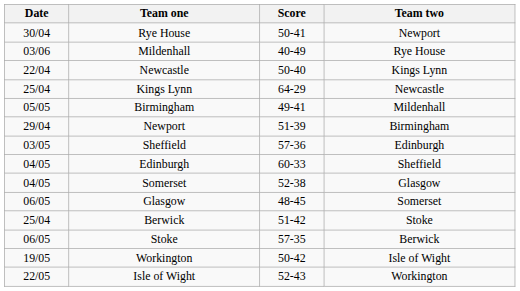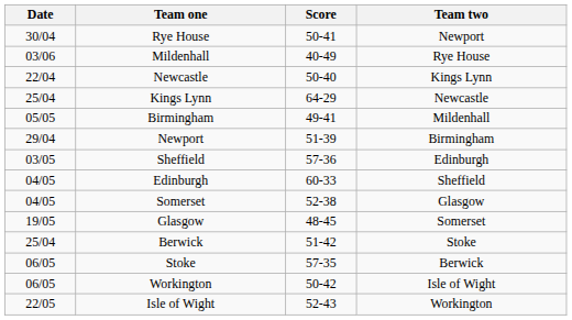 <table class="wikitable" style="text-align: center">
 <tr>
 <th width=80>Date</th>
 <th width=250>Team one</th>
 <th width=80>Score</th>
 <th width=250>Team two</th>
 </tr>
 <tr>
 <td>30/04</td>
 <td>Rye House</td>
 <td>50-41</td>
 <td>Newport</td>
 </tr>
 <tr>
 <td>03/06</td>
 <td>Mildenhall</td>
 <td>40-49</td>
 <td>Rye House</td>
 </tr>
 <tr>
 <td>22/04</td>
 <td>Newcastle</td>
 <td>50-40</td>
 <td>Kings Lynn</td>
 </tr>
 <tr>
 <td>25/04</td>
 <td>Kings Lynn</td>
 <td>64-29</td>
 <td>Newcastle</td>
 </tr>
 <tr>
 <td>05/05</td>
 <td>Birmingham</td>
 <td>49-41</td>
 <td>Mildenhall</td>
 </tr>
 <tr>
 <td>29/04</td>
 <td>Newport</td>
 <td>51-39</td>
 <td>Birmingham</td>
 </tr>
 <tr>
 <td>03/05</td>
 <td>Sheffield</td>
 <td>57-36</td>
 <td>Edinburgh</td>
 </tr>
 <tr>
 <td>04/05</td>
 <td>Edinburgh</td>
 <td>60-33</td>
 <td>Sheffield</td>
 </tr>
 <tr>
 <td>04/05</td>
 <td>Somerset</td>
 <td>52-38</td>
 <td>Glasgow</td>
 </tr>
 <tr>
-<td>06/05</td>
+<td>19/05</td>
 <td>Glasgow</td>
 <td>48-45</td>
 <td>Somerset</td>
 </tr>
 <tr>
 <td>25/04</td>
 <td>Berwick</td>
 <td>51-42</td>
 <td>Stoke</td>
 </tr>
 <tr>
 <td>06/05</td>
 <td>Stoke</td>
 <td>57-35</td>
 <td>Berwick</td>
 </tr>
 <tr>
-<td>19/05</td>
+<td>06/05</td>
 <td>Workington</td>
 <td>50-42</td>
 <td>Isle of Wight</td>
 </tr>
 <tr>
 <td>22/05</td>
 <td>Isle of Wight</td>
 <td>52-43</td>
 <td>Workington</td>
 </tr>
 </table>
